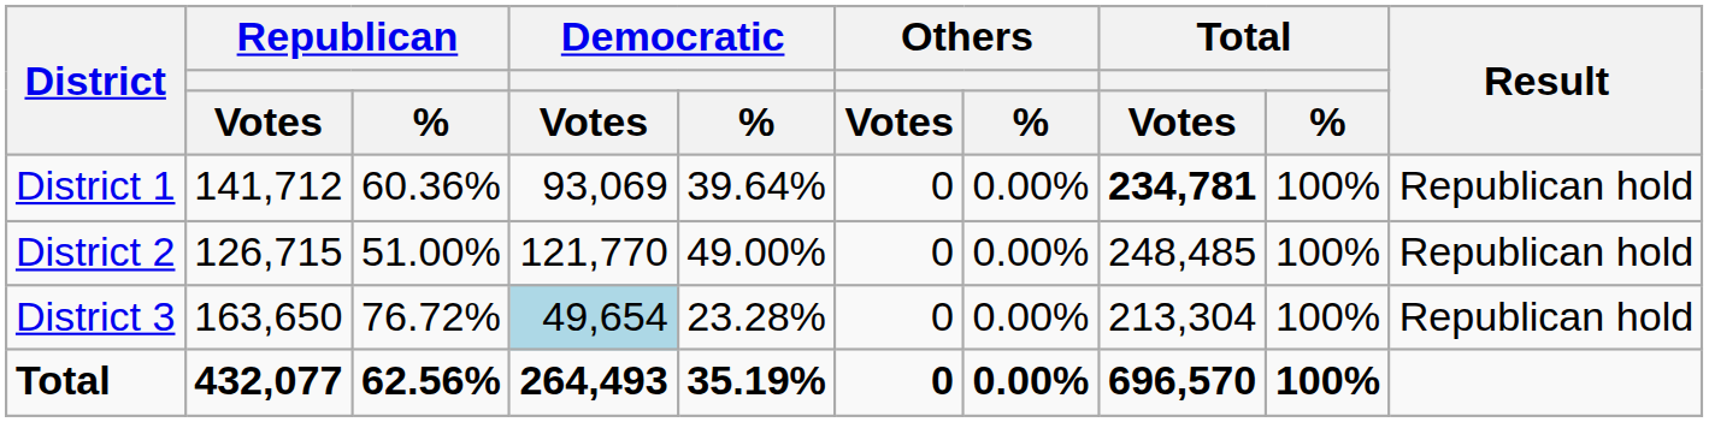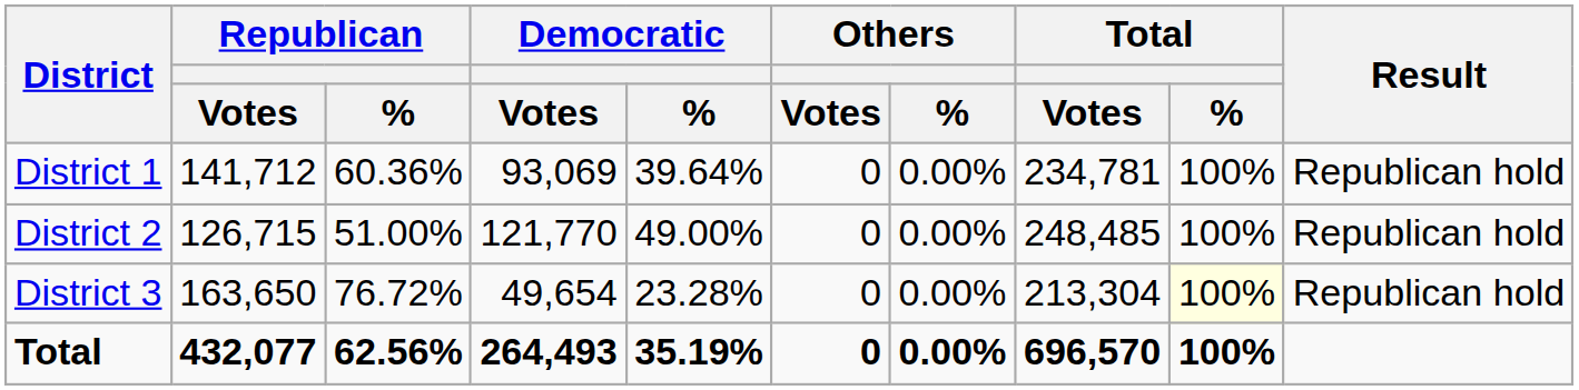 <table class="wikitable plainrowheaders sortable" style="font-size:100%; text-align:right;">
 <tr>
 <th scope=col rowspan=3><a href='#'>District</a></th>
 <th scope=col colspan=2><a href='#'>Republican</a></th>
 <th scope=col colspan=2><a href='#'>Democratic</a></th>
 <th scope=col colspan=2>Others</th>
 <th scope=col colspan=2>Total</th>
 <th scope=col rowspan=3>Result</th>
 </tr>
 <tr>
 <th scope=col colspan=2 style="background:"></th>
 <th scope=col colspan=2 style="background:"></th>
 <th scope=col colspan=2></th>
 <th scope=col colspan=2></th>
 </tr>
 <tr>
 <th scope=col data-sort-type="number">Votes</th>
 <th scope=col data-sort-type="number">%</th>
 <th scope=col data-sort-type="number">Votes</th>
 <th scope=col data-sort-type="number">%</th>
 <th scope=col data-sort-type="number">Votes</th>
 <th scope=col data-sort-type="number">%</th>
 <th scope=col data-sort-type="number">Votes</th>
 <th scope=col data-sort-type="number">%</th>
 </tr>
 <tr>
 <td align=left><a href='#'>District 1</a></td>
 <td>141,712</td>
 <td>60.36%</td>
 <td>93,069</td>
 <td>39.64%</td>
 <td>0</td>
 <td>0.00%</td>
-<td><strong>234,781</strong></td>
+<td>234,781</td>
 <td>100%</td>
 <td align=left>Republican hold</td>
 </tr>
 <tr>
 <td align=left><a href='#'>District 2</a></td>
 <td>126,715</td>
 <td>51.00%</td>
 <td>121,770</td>
 <td>49.00%</td>
 <td>0</td>
 <td>0.00%</td>
 <td>248,485</td>
 <td>100%</td>
 <td align=left>Republican hold</td>
 </tr>
 <tr>
 <td align=left><a href='#'>District 3</a></td>
 <td>163,650</td>
 <td>76.72%</td>
-<td style="background: lightblue;">49,654</td>
+<td>49,654</td>
 <td>23.28%</td>
 <td>0</td>
 <td>0.00%</td>
 <td>213,304</td>
-<td>100%</td>
+<td style="background: lightyellow;">100%</td>
 <td align=left>Republican hold</td>
 </tr>
 <tr class="sortbottom" style="font-weight:bold">
 <td align=left>Total</td>
 <td>432,077</td>
 <td>62.56%</td>
 <td>264,493</td>
 <td>35.19%</td>
 <td>0</td>
 <td>0.00%</td>
 <td>696,570</td>
 <td>100%</td>
 <td></td>
 </tr>
 </table>
